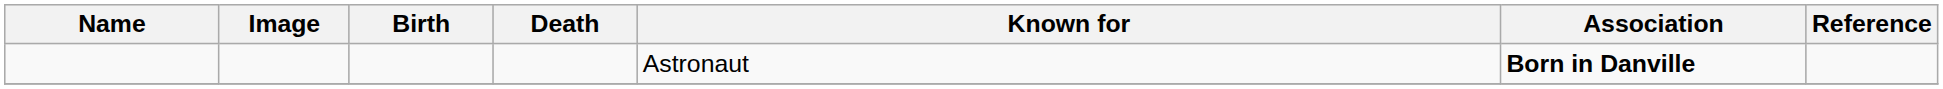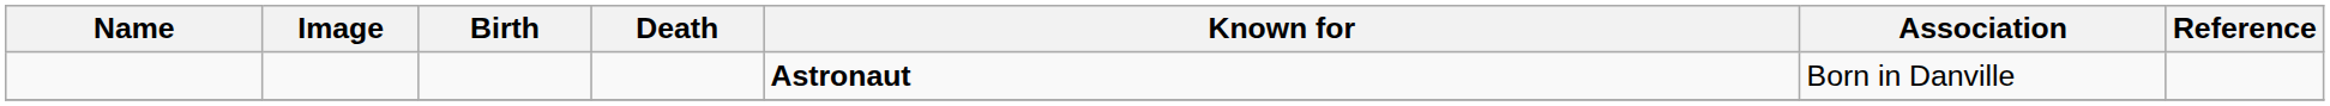 <table class="wikitable sortable">
 <tr>
 <th scope="col" width="140">Name</th>
 <th scope="col" width="80" class="unsortable">Image</th>
 <th scope="col" width="90">Birth</th>
 <th scope="col" width="90">Death</th>
 <th scope="col" width="600" class="unsortable">Known for</th>
 <th scope="col" width="200" class="unsortable">Association</th>
 <th scope="col" width="30" class="unsortable">Reference</th>
 </tr>
 <tr>
 <td></td>
 <td></td>
 <td align=right></td>
 <td></td>
-<td>Astronaut</td>
-<td><strong>Born in Danville</strong></td>
+<td><strong>Astronaut</strong></td>
+<td>Born in Danville</td>
 <td align="center"></td>
 </tr>
 <tr>
 </tr>
 </table>
